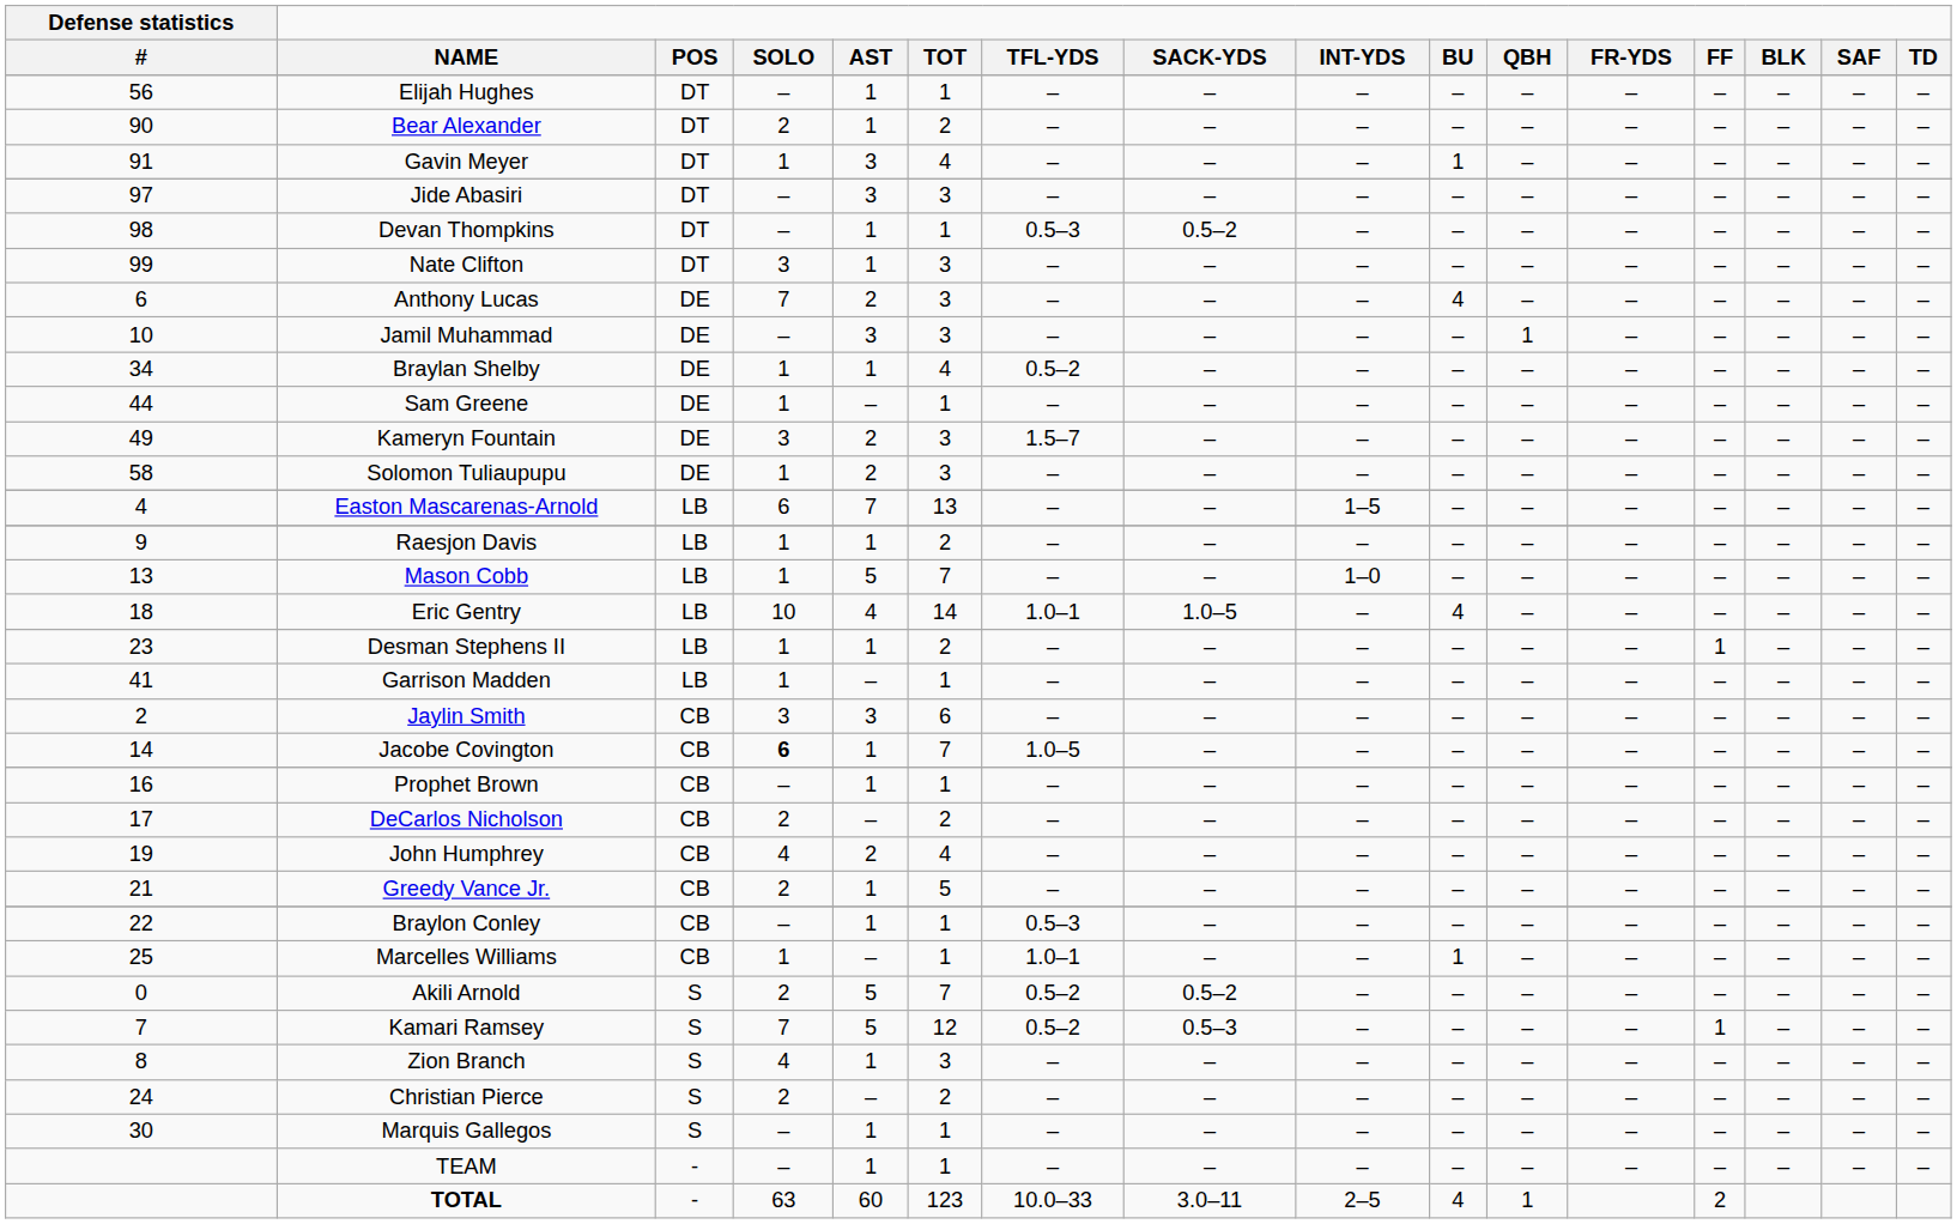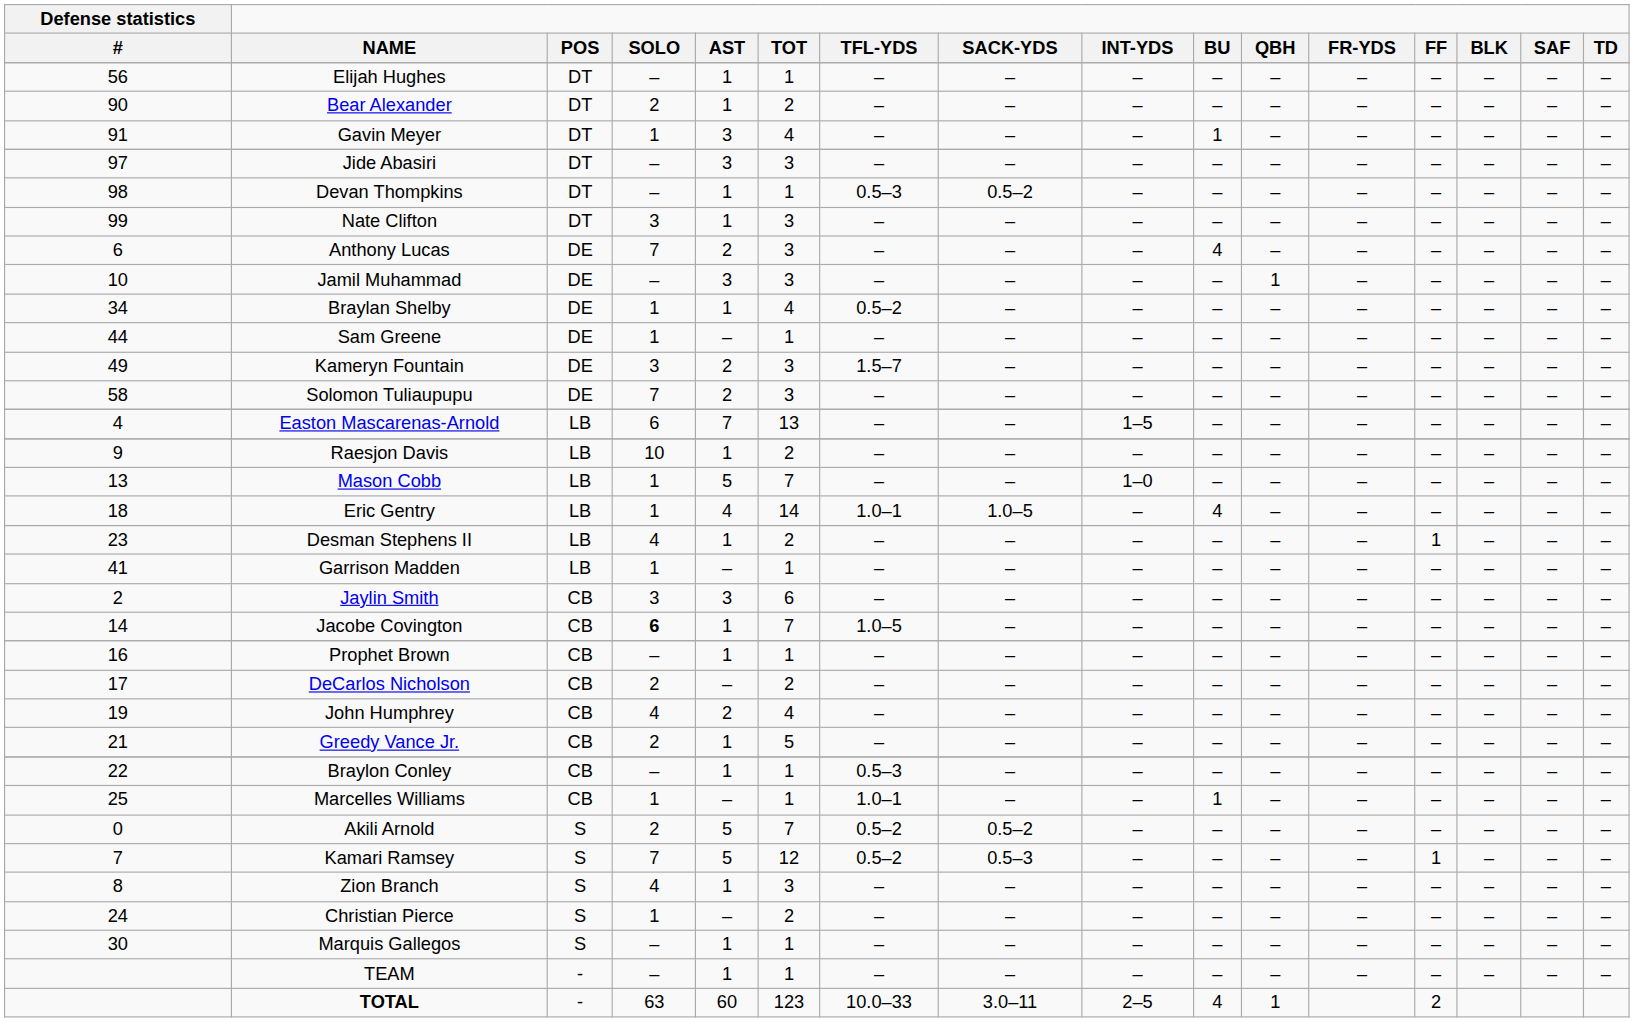 <table style="width:90%; text-align:center;" class="wikitable collapsible collapsed">
 <tr>
 <th style="text-align:center; ">Defense statistics</th>
 </tr>
 <tr>
 <th>#</th>
 <th>NAME</th>
 <th>POS</th>
 <th>SOLO</th>
 <th>AST</th>
 <th>TOT</th>
 <th>TFL-YDS</th>
 <th>SACK-YDS</th>
 <th>INT-YDS</th>
 <th>BU</th>
 <th>QBH</th>
 <th>FR-YDS</th>
 <th>FF</th>
 <th>BLK</th>
 <th>SAF</th>
 <th>TD</th>
 </tr>
 <tr>
 </tr>
 <tr>
 </tr>
 <tr>
 <td>56</td>
 <td>Elijah Hughes</td>
 <td>DT</td>
 <td>–</td>
 <td>1</td>
 <td>1</td>
 <td>–</td>
 <td>–</td>
 <td>–</td>
 <td>–</td>
 <td>–</td>
 <td>–</td>
 <td>–</td>
 <td>–</td>
 <td>–</td>
 <td>–</td>
 </tr>
 <tr>
 <td>90</td>
 <td><a href='#'>Bear Alexander</a></td>
 <td>DT</td>
 <td>2</td>
 <td>1</td>
 <td>2</td>
 <td>–</td>
 <td>–</td>
 <td>–</td>
 <td>–</td>
 <td>–</td>
 <td>–</td>
 <td>–</td>
 <td>–</td>
 <td>–</td>
 <td>–</td>
 </tr>
 <tr>
 <td>91</td>
 <td>Gavin Meyer</td>
 <td>DT</td>
 <td>1</td>
 <td>3</td>
 <td>4</td>
 <td>–</td>
 <td>–</td>
 <td>–</td>
 <td>1</td>
 <td>–</td>
 <td>–</td>
 <td>–</td>
 <td>–</td>
 <td>–</td>
 <td>–</td>
 </tr>
 <tr>
 </tr>
 <tr>
 <td>97</td>
 <td>Jide Abasiri</td>
 <td>DT</td>
 <td>–</td>
 <td>3</td>
 <td>3</td>
 <td>–</td>
 <td>–</td>
 <td>–</td>
 <td>–</td>
 <td>–</td>
 <td>–</td>
 <td>–</td>
 <td>–</td>
 <td>–</td>
 <td>–</td>
 </tr>
 <tr>
 <td>98</td>
 <td>Devan Thompkins</td>
 <td>DT</td>
 <td>–</td>
 <td>1</td>
 <td>1</td>
 <td>0.5–3</td>
 <td>0.5–2</td>
 <td>–</td>
 <td>–</td>
 <td>–</td>
 <td>–</td>
 <td>–</td>
 <td>–</td>
 <td>–</td>
 <td>–</td>
 </tr>
 <tr>
 <td>99</td>
 <td>Nate Clifton</td>
 <td>DT</td>
 <td>3</td>
 <td>1</td>
 <td>3</td>
 <td>–</td>
 <td>–</td>
 <td>–</td>
 <td>–</td>
 <td>–</td>
 <td>–</td>
 <td>–</td>
 <td>–</td>
 <td>–</td>
 <td>–</td>
 </tr>
 <tr>
 <td>6</td>
 <td>Anthony Lucas</td>
 <td>DE</td>
 <td>7</td>
 <td>2</td>
 <td>3</td>
 <td>–</td>
 <td>–</td>
 <td>–</td>
 <td>4</td>
 <td>–</td>
 <td>–</td>
 <td>–</td>
 <td>–</td>
 <td>–</td>
 <td>–</td>
 </tr>
 <tr>
 <td>10</td>
 <td>Jamil Muhammad</td>
 <td>DE</td>
 <td>–</td>
 <td>3</td>
 <td>3</td>
 <td>–</td>
 <td>–</td>
 <td>–</td>
 <td>–</td>
 <td>1</td>
 <td>–</td>
 <td>–</td>
 <td>–</td>
 <td>–</td>
 <td>–</td>
 </tr>
 <tr>
 <td>34</td>
 <td>Braylan Shelby</td>
 <td>DE</td>
 <td>1</td>
 <td>1</td>
 <td>4</td>
 <td>0.5–2</td>
 <td>–</td>
 <td>–</td>
 <td>–</td>
 <td>–</td>
 <td>–</td>
 <td>–</td>
 <td>–</td>
 <td>–</td>
 <td>–</td>
 </tr>
 <tr>
 <td>44</td>
 <td>Sam Greene</td>
 <td>DE</td>
 <td>1</td>
 <td>–</td>
 <td>1</td>
 <td>–</td>
 <td>–</td>
 <td>–</td>
 <td>–</td>
 <td>–</td>
 <td>–</td>
 <td>–</td>
 <td>–</td>
 <td>–</td>
 <td>–</td>
 </tr>
 <tr>
 <td>49</td>
 <td>Kameryn Fountain</td>
 <td>DE</td>
 <td>3</td>
 <td>2</td>
 <td>3</td>
 <td>1.5–7</td>
 <td>–</td>
 <td>–</td>
 <td>–</td>
 <td>–</td>
 <td>–</td>
 <td>–</td>
 <td>–</td>
 <td>–</td>
 <td>–</td>
 </tr>
 <tr>
 <td>58</td>
 <td>Solomon Tuliaupupu</td>
 <td>DE</td>
-<td>1</td>
+<td>7</td>
 <td>2</td>
 <td>3</td>
 <td>–</td>
 <td>–</td>
 <td>–</td>
 <td>–</td>
 <td>–</td>
 <td>–</td>
 <td>–</td>
 <td>–</td>
 <td>–</td>
 <td>–</td>
 </tr>
 <tr>
 </tr>
 <tr>
 <td>4</td>
 <td><a href='#'>Easton Mascarenas-Arnold</a></td>
 <td>LB</td>
 <td>6</td>
 <td>7</td>
 <td>13</td>
 <td>–</td>
 <td>–</td>
 <td>1–5</td>
 <td>–</td>
 <td>–</td>
 <td>–</td>
 <td>–</td>
 <td>–</td>
 <td>–</td>
 <td>–</td>
 </tr>
 <tr>
 </tr>
 <tr>
 <td>9</td>
 <td>Raesjon Davis</td>
 <td>LB</td>
-<td>1</td>
+<td>10</td>
 <td>1</td>
 <td>2</td>
 <td>–</td>
 <td>–</td>
 <td>–</td>
 <td>–</td>
 <td>–</td>
 <td>–</td>
 <td>–</td>
 <td>–</td>
 <td>–</td>
 <td>–</td>
 </tr>
 <tr>
 <td>13</td>
 <td><a href='#'>Mason Cobb</a></td>
 <td>LB</td>
 <td>1</td>
 <td>5</td>
 <td>7</td>
 <td>–</td>
 <td>–</td>
 <td>1–0</td>
 <td>–</td>
 <td>–</td>
 <td>–</td>
 <td>–</td>
 <td>–</td>
 <td>–</td>
 <td>–</td>
 </tr>
 <tr>
 <td>18</td>
 <td>Eric Gentry</td>
 <td>LB</td>
-<td>10</td>
+<td>1</td>
 <td>4</td>
 <td>14</td>
 <td>1.0–1</td>
 <td>1.0–5</td>
 <td>–</td>
 <td>4</td>
 <td>–</td>
 <td>–</td>
 <td>–</td>
 <td>–</td>
 <td>–</td>
 <td>–</td>
 </tr>
 <tr>
 </tr>
 <tr>
 <td>23</td>
 <td>Desman Stephens II</td>
 <td>LB</td>
-<td>1</td>
+<td>4</td>
 <td>1</td>
 <td>2</td>
 <td>–</td>
 <td>–</td>
 <td>–</td>
 <td>–</td>
 <td>–</td>
 <td>–</td>
 <td>1</td>
 <td>–</td>
 <td>–</td>
 <td>–</td>
 </tr>
 <tr>
 <td>41</td>
 <td>Garrison Madden</td>
 <td>LB</td>
 <td>1</td>
 <td>–</td>
 <td>1</td>
 <td>–</td>
 <td>–</td>
 <td>–</td>
 <td>–</td>
 <td>–</td>
 <td>–</td>
 <td>–</td>
 <td>–</td>
 <td>–</td>
 <td>–</td>
 </tr>
 <tr>
 <td>2</td>
 <td><a href='#'>Jaylin Smith</a></td>
 <td>CB</td>
 <td>3</td>
 <td>3</td>
 <td>6</td>
 <td>–</td>
 <td>–</td>
 <td>–</td>
 <td>–</td>
 <td>–</td>
 <td>–</td>
 <td>–</td>
 <td>–</td>
 <td>–</td>
 <td>–</td>
 </tr>
 <tr>
 <td>14</td>
 <td>Jacobe Covington</td>
 <td>CB</td>
 <td><strong>6</strong></td>
 <td>1</td>
 <td>7</td>
 <td>1.0–5</td>
 <td>–</td>
 <td>–</td>
 <td>–</td>
 <td>–</td>
 <td>–</td>
 <td>–</td>
 <td>–</td>
 <td>–</td>
 <td>–</td>
 </tr>
 <tr>
 </tr>
 <tr>
 <td>16</td>
 <td>Prophet Brown</td>
 <td>CB</td>
 <td>–</td>
 <td>1</td>
 <td>1</td>
 <td>–</td>
 <td>–</td>
 <td>–</td>
 <td>–</td>
 <td>–</td>
 <td>–</td>
 <td>–</td>
 <td>–</td>
 <td>–</td>
 <td>–</td>
 </tr>
 <tr>
 <td>17</td>
 <td><a href='#'>DeCarlos Nicholson</a></td>
 <td>CB</td>
 <td>2</td>
 <td>–</td>
 <td>2</td>
 <td>–</td>
 <td>–</td>
 <td>–</td>
 <td>–</td>
 <td>–</td>
 <td>–</td>
 <td>–</td>
 <td>–</td>
 <td>–</td>
 <td>–</td>
 </tr>
 <tr>
 <td>19</td>
 <td>John Humphrey</td>
 <td>CB</td>
 <td>4</td>
 <td>2</td>
 <td>4</td>
 <td>–</td>
 <td>–</td>
 <td>–</td>
 <td>–</td>
 <td>–</td>
 <td>–</td>
 <td>–</td>
 <td>–</td>
 <td>–</td>
 <td>–</td>
 </tr>
 <tr>
 <td>21</td>
 <td><a href='#'>Greedy Vance Jr.</a></td>
 <td>CB</td>
 <td>2</td>
 <td>1</td>
 <td>5</td>
 <td>–</td>
 <td>–</td>
 <td>–</td>
 <td>–</td>
 <td>–</td>
 <td>–</td>
 <td>–</td>
 <td>–</td>
 <td>–</td>
 <td>–</td>
 </tr>
 <tr>
 </tr>
 <tr>
 <td>22</td>
 <td>Braylon Conley</td>
 <td>CB</td>
 <td>–</td>
 <td>1</td>
 <td>1</td>
 <td>0.5–3</td>
 <td>–</td>
 <td>–</td>
 <td>–</td>
 <td>–</td>
 <td>–</td>
 <td>–</td>
 <td>–</td>
 <td>–</td>
 <td>–</td>
 </tr>
 <tr>
 <td>25</td>
 <td>Marcelles Williams</td>
 <td>CB</td>
 <td>1</td>
 <td>–</td>
 <td>1</td>
 <td>1.0–1</td>
 <td>–</td>
 <td>–</td>
 <td>1</td>
 <td>–</td>
 <td>–</td>
 <td>–</td>
 <td>–</td>
 <td>–</td>
 <td>–</td>
 </tr>
 <tr>
 <td>0</td>
 <td>Akili Arnold</td>
 <td>S</td>
 <td>2</td>
 <td>5</td>
 <td>7</td>
 <td>0.5–2</td>
 <td>0.5–2</td>
 <td>–</td>
 <td>–</td>
 <td>–</td>
 <td>–</td>
 <td>–</td>
 <td>–</td>
 <td>–</td>
 <td>–</td>
 </tr>
 <tr>
 <td>7</td>
 <td>Kamari Ramsey</td>
 <td>S</td>
 <td>7</td>
 <td>5</td>
 <td>12</td>
 <td>0.5–2</td>
 <td>0.5–3</td>
 <td>–</td>
 <td>–</td>
 <td>–</td>
 <td>–</td>
 <td>1</td>
 <td>–</td>
 <td>–</td>
 <td>–</td>
 </tr>
 <tr>
 <td>8</td>
 <td>Zion Branch</td>
 <td>S</td>
 <td>4</td>
 <td>1</td>
 <td>3</td>
 <td>–</td>
 <td>–</td>
 <td>–</td>
 <td>–</td>
 <td>–</td>
 <td>–</td>
 <td>–</td>
 <td>–</td>
 <td>–</td>
 <td>–</td>
 </tr>
 <tr>
 <td>24</td>
 <td>Christian Pierce</td>
 <td>S</td>
-<td>2</td>
+<td>1</td>
 <td>–</td>
 <td>2</td>
 <td>–</td>
 <td>–</td>
 <td>–</td>
 <td>–</td>
 <td>–</td>
 <td>–</td>
 <td>–</td>
 <td>–</td>
 <td>–</td>
 <td>–</td>
 </tr>
 <tr>
 <td>30</td>
 <td>Marquis Gallegos</td>
 <td>S</td>
 <td>–</td>
 <td>1</td>
 <td>1</td>
 <td>–</td>
 <td>–</td>
 <td>–</td>
 <td>–</td>
 <td>–</td>
 <td>–</td>
 <td>–</td>
 <td>–</td>
 <td>–</td>
 <td>–</td>
 </tr>
 <tr>
 <td></td>
 <td>TEAM</td>
 <td>-</td>
 <td>–</td>
 <td>1</td>
 <td>1</td>
 <td>–</td>
 <td>–</td>
 <td>–</td>
 <td>–</td>
 <td>–</td>
 <td>–</td>
 <td>–</td>
 <td>–</td>
 <td>–</td>
 <td>–</td>
 </tr>
 <tr>
 <td></td>
 <td><strong>TOTAL</strong></td>
 <td>-</td>
 <td>63</td>
 <td>60</td>
 <td>123</td>
 <td>10.0–33</td>
 <td>3.0–11</td>
 <td>2–5</td>
 <td>4</td>
 <td>1</td>
 <td></td>
 <td>2</td>
 <td></td>
 <td></td>
 <td></td>
 </tr>
 </table>
